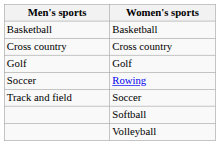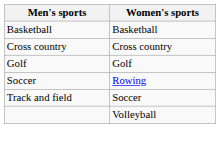 <table class="wikitable"; style= "text-align: ">
 <tr>
 <th width=150px>Men's sports</th>
 <th width=150px>Women's sports</th>
 </tr>
 <tr>
 <td>Basketball</td>
 <td>Basketball</td>
 </tr>
 <tr>
 <td>Cross country</td>
 <td>Cross country</td>
 </tr>
 <tr>
 <td>Golf</td>
 <td>Golf</td>
 </tr>
 <tr>
 <td>Soccer</td>
 <td><a href='#'>Rowing</a></td>
 </tr>
 <tr>
 <td>Track and field</td>
 <td>Soccer</td>
 </tr>
 <tr>
 <td></td>
-<td>Softball</td>
-</tr>
-<tr>
-<td></td>
 <td>Volleyball</td>
 </tr>
 </table>
